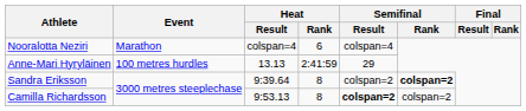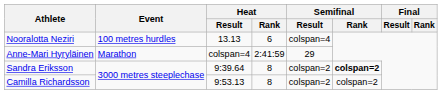 <table class="wikitable" style="font-size:90%">
 <tr>
 <th rowspan="2">Athlete</th>
 <th rowspan="2">Event</th>
 <th colspan="2">Heat</th>
 <th colspan="2">Semifinal</th>
 <th colspan="2">Final</th>
 </tr>
 <tr style="font-size:95%">
 <th>Result</th>
 <th>Rank</th>
 <th>Result</th>
 <th>Rank</th>
 <th>Result</th>
 <th>Rank</th>
 </tr>
 <tr style=text-align:center>
 <td style=text-align:left><a href='#'>Nooralotta Neziri</a></td>
-<td style=text-align:left><a href='#'>Marathon</a></td>
-<td>colspan=4 </td>
+<td style=text-align:left><a href='#'>100 metres hurdles</a></td>
+<td>13.13</td>
 <td>6</td>
 <td>colspan=4 </td>
 </tr>
 <tr style=text-align:center>
 <td style=text-align:left><a href='#'>Anne-Mari Hyryläinen</a></td>
-<td style=text-align:left><a href='#'>100 metres hurdles</a></td>
-<td>13.13</td>
+<td style=text-align:left><a href='#'>Marathon</a></td>
+<td>colspan=4 </td>
 <td>2:41:59</td>
 <td>29</td>
 </tr>
 <tr style=text-align:center>
 <td style=text-align:left><a href='#'>Sandra Eriksson</a></td>
 <td style=text-align:left rowspan=2><a href='#'>3000 metres steeplechase</a></td>
 <td>9:39.64</td>
 <td>8</td>
 <td>colspan=2 </td>
 <td><strong>colspan=2 </strong></td>
 </tr>
 <tr style=text-align:center>
 <td style=text-align:left><a href='#'>Camilla Richardsson</a></td>
 <td>9:53.13</td>
 <td>8</td>
-<td><strong>colspan=2 </strong></td>
+<td>colspan=2 </td>
 <td>colspan=2 </td>
 </tr>
 </table>
